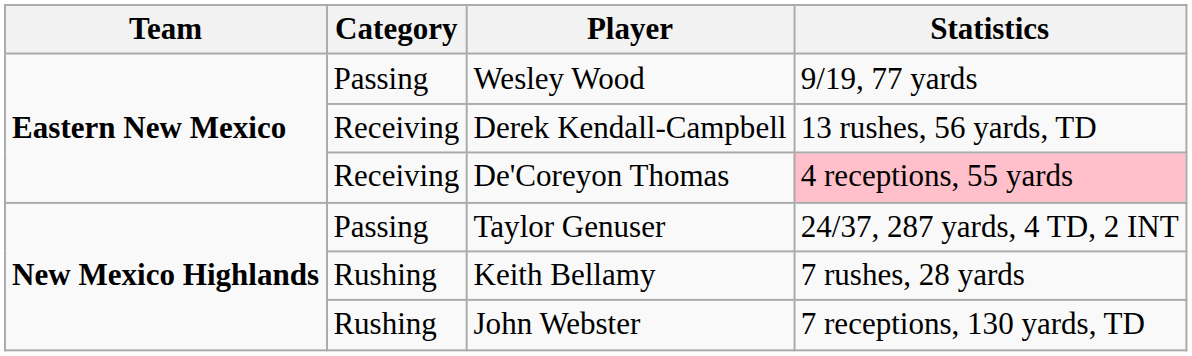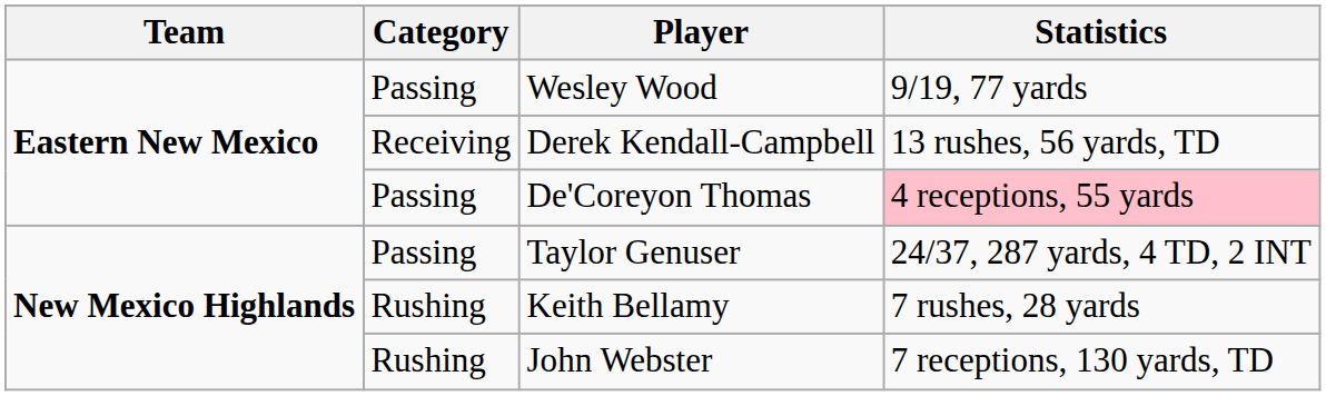 <table class="wikitable" style="float: left;">
 <tr>
 <th>Team</th>
 <th>Category</th>
 <th>Player</th>
 <th>Statistics</th>
 </tr>
 <tr>
 <td rowspan=3><strong>Eastern New Mexico</strong></td>
 <td>Passing</td>
 <td>Wesley Wood</td>
 <td>9/19, 77 yards</td>
 </tr>
 <tr>
 <td>Receiving</td>
 <td>Derek Kendall-Campbell</td>
 <td>13 rushes, 56 yards, TD</td>
 </tr>
 <tr>
-<td>Receiving</td>
+<td>Passing</td>
 <td>De'Coreyon Thomas</td>
 <td style="background: pink;">4 receptions, 55 yards</td>
 </tr>
 <tr>
 <td rowspan=3><strong>New Mexico Highlands</strong></td>
 <td>Passing</td>
 <td>Taylor Genuser</td>
 <td>24/37, 287 yards, 4 TD, 2 INT</td>
 </tr>
 <tr>
 <td>Rushing</td>
 <td>Keith Bellamy</td>
 <td>7 rushes, 28 yards</td>
 </tr>
 <tr>
 <td>Rushing</td>
 <td>John Webster</td>
 <td>7 receptions, 130 yards, TD</td>
 </tr>
 </table>
